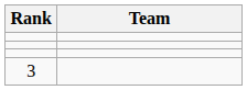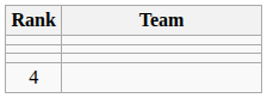 <table class="wikitable" style="text-align:center;">
 <tr>
 <th width=40>Rank</th>
 <th width=160>Team</th>
 </tr>
 <tr>
 <td></td>
 <td style="text-align:left;"></td>
 </tr>
 <tr>
 <td></td>
 <td style="text-align:left;"></td>
 </tr>
 <tr>
 <td></td>
 <td style="text-align:left;"></td>
 </tr>
 <tr>
-<td>3</td>
+<td>4</td>
 <td style="text-align:left;"></td>
 </tr>
 </table>
